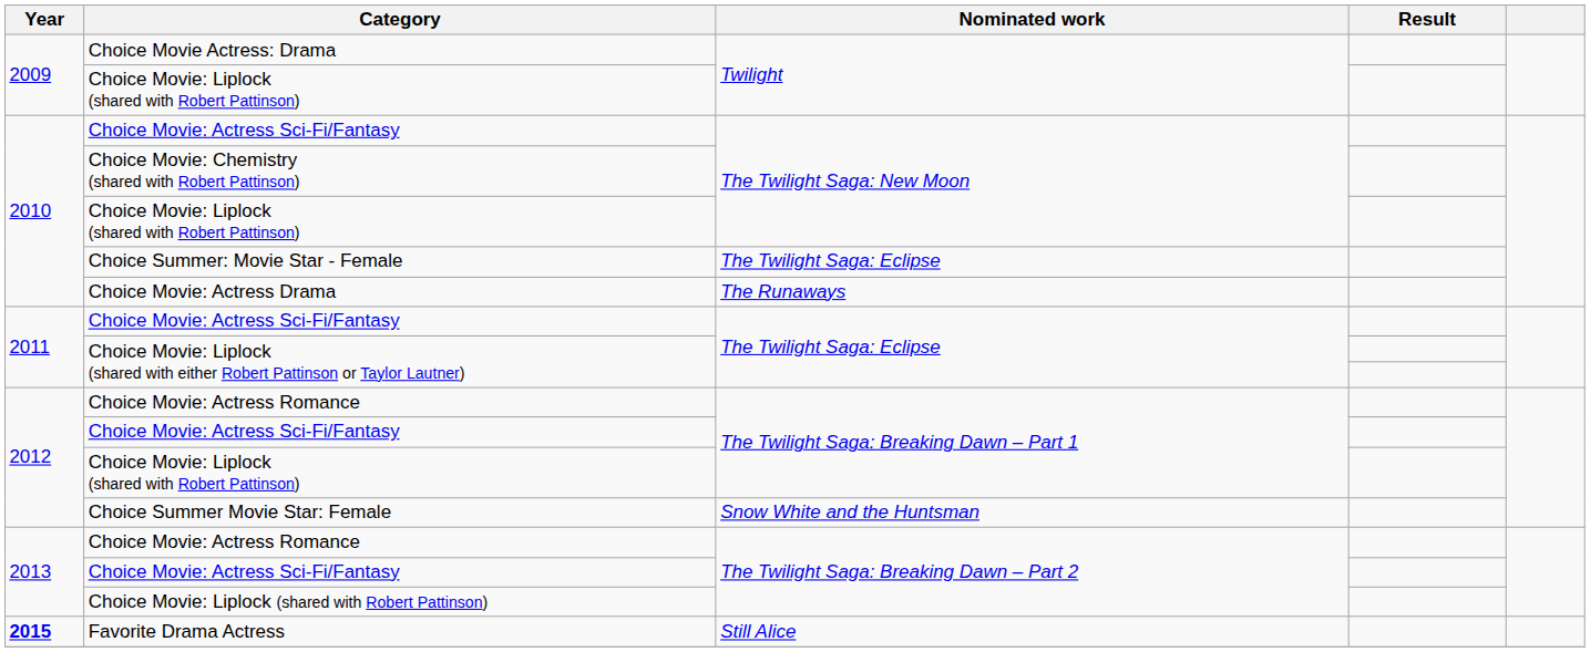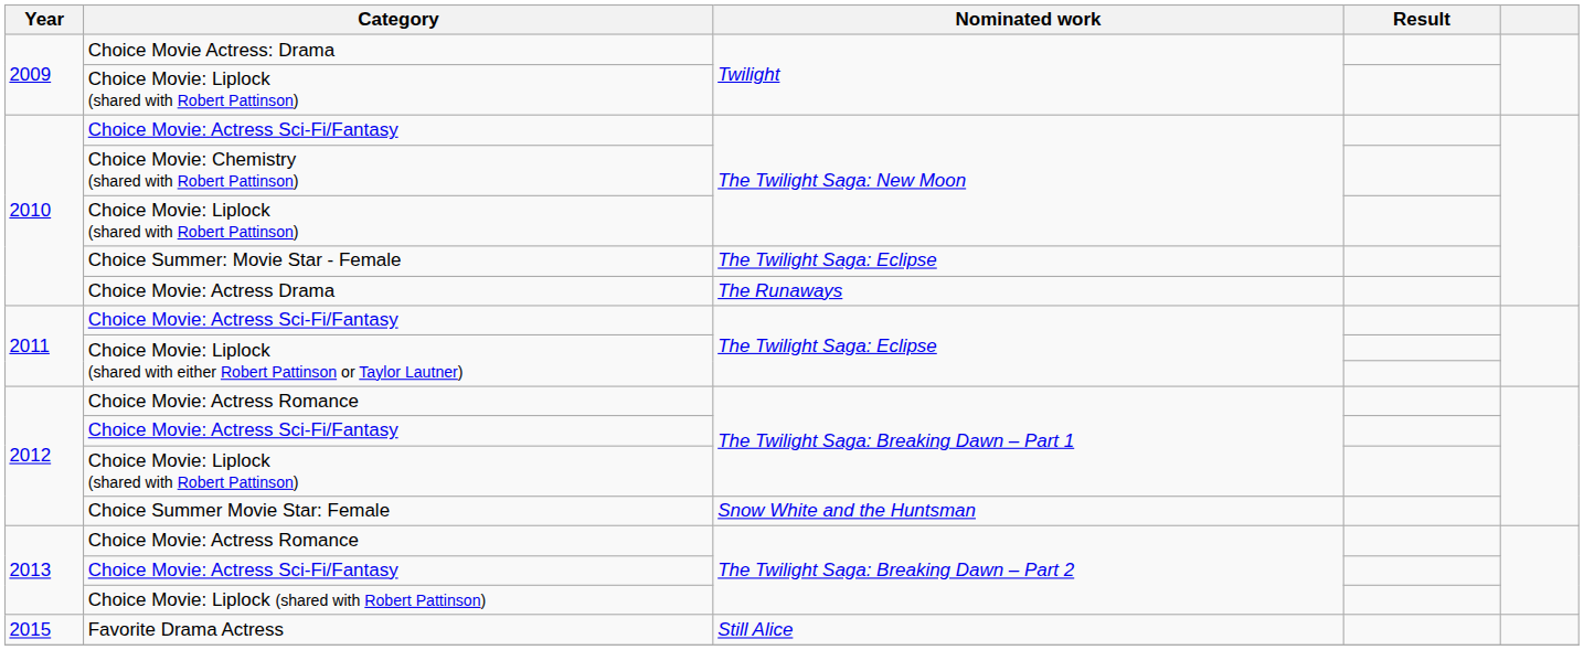 <table class="wikitable" style="width:85%;">
 <tr>
 <th width=5%>Year</th>
 <th style="width:40%;">Category</th>
 <th style="width:40%;">Nominated work</th>
 <th style="width:10%;">Result</th>
 <th width=5%></th>
 </tr>
 <tr>
 <td rowspan=2><a href='#'>2009</a></td>
 <td>Choice Movie Actress: Drama</td>
 <td rowspan=2><em><a href='#'>Twilight</a></em></td>
 <td></td>
 <td rowspan="2"></td>
 </tr>
 <tr>
 <td>Choice Movie: Liplock<br><small>(shared with <a href='#'>Robert Pattinson</a>)</small></td>
 <td></td>
 </tr>
 <tr>
 <td rowspan=5><a href='#'>2010</a></td>
 <td><a href='#'>Choice Movie: Actress Sci-Fi/Fantasy</a></td>
 <td rowspan=3><em><a href='#'>The Twilight Saga: New Moon</a></em></td>
 <td></td>
 <td rowspan="5"></td>
 </tr>
 <tr>
 <td>Choice Movie: Chemistry<br><small>(shared with <a href='#'>Robert Pattinson</a>)</small></td>
 <td></td>
 </tr>
 <tr>
 <td>Choice Movie: Liplock<br><small>(shared with <a href='#'>Robert Pattinson</a>)</small></td>
 <td></td>
 </tr>
 <tr>
 <td>Choice Summer: Movie Star - Female</td>
 <td><em><a href='#'>The Twilight Saga: Eclipse</a></em></td>
 <td></td>
 </tr>
 <tr>
 <td>Choice Movie: Actress Drama</td>
 <td><em><a href='#'>The Runaways</a></em></td>
 <td></td>
 </tr>
 <tr>
 <td rowspan=3><a href='#'>2011</a></td>
 <td><a href='#'>Choice Movie: Actress Sci-Fi/Fantasy</a></td>
 <td rowspan=3><em><a href='#'>The Twilight Saga: Eclipse</a></em></td>
 <td></td>
 <td rowspan="3"></td>
 </tr>
 <tr>
 <td rowspan="2">Choice Movie: Liplock<br><small>(shared with either <a href='#'>Robert Pattinson</a> or <a href='#'>Taylor Lautner</a>)</small></td>
 <td></td>
 </tr>
 <tr>
 <td></td>
 </tr>
 <tr>
 <td rowspan=4><a href='#'>2012</a></td>
 <td>Choice Movie: Actress Romance</td>
 <td rowspan=3><em><a href='#'>The Twilight Saga: Breaking Dawn – Part 1</a></em></td>
 <td></td>
 <td rowspan="4"></td>
 </tr>
 <tr>
 <td><a href='#'>Choice Movie: Actress Sci-Fi/Fantasy</a></td>
 <td></td>
 </tr>
 <tr>
 <td>Choice Movie: Liplock<br><small>(shared with <a href='#'>Robert Pattinson</a>)</small></td>
 <td></td>
 </tr>
 <tr>
 <td>Choice Summer Movie Star: Female</td>
 <td><em><a href='#'>Snow White and the Huntsman</a></em></td>
 <td></td>
 </tr>
 <tr>
 <td rowspan=3><a href='#'>2013</a></td>
 <td>Choice Movie: Actress Romance</td>
 <td rowspan=3><em><a href='#'>The Twilight Saga: Breaking Dawn – Part 2</a></em></td>
 <td></td>
 <td rowspan="3"></td>
 </tr>
 <tr>
 <td><a href='#'>Choice Movie: Actress Sci-Fi/Fantasy</a></td>
 <td></td>
 </tr>
 <tr>
 <td>Choice Movie: Liplock <small>(shared with <a href='#'>Robert Pattinson</a>)</small></td>
 <td></td>
 </tr>
 <tr>
-<td><strong><a href='#'>2015</a></strong></td>
+<td><a href='#'>2015</a></td>
 <td>Favorite Drama Actress</td>
 <td><em><a href='#'>Still Alice</a></em></td>
 <td></td>
 <td></td>
 </tr>
 <tr>
 </tr>
 </table>
